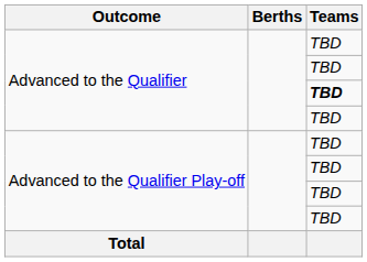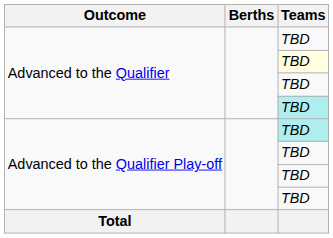 <table class="wikitable">
 <tr>
 <th scope=col>Outcome</th>
 <th>Berths</th>
 <th>Teams</th>
 </tr>
 <tr>
 <td rowspan=4>Advanced to the <a href='#'>Qualifier</a></td>
 <td rowspan=4></td>
 <td> <em>TBD</em></td>
 </tr>
 <tr>
-<td> <em>TBD</em></td>
-</tr>
-<tr>
-<td><strong> <em>TBD</em></strong></td>
+<td style="background: lightyellow;"> <em>TBD</em></td>
 </tr>
 <tr>
 <td> <em>TBD</em></td>
 </tr>
 <tr>
+<td style="background: paleturquoise;"> <em>TBD</em></td>
+</tr>
+<tr>
 <td rowspan=4>Advanced to the <a href='#'>Qualifier Play-off</a></td>
 <td rowspan=4></td>
-<td> <em>TBD</em></td>
+<td style="background: paleturquoise;"> <em>TBD</em></td>
 </tr>
 <tr>
 <td> <em>TBD</em></td>
 </tr>
 <tr>
 <td> <em>TBD</em></td>
 </tr>
 <tr>
 <td> <em>TBD</em></td>
 </tr>
 <tr>
 <th>Total</th>
 <th></th>
 <th></th>
 </tr>
 </table>
